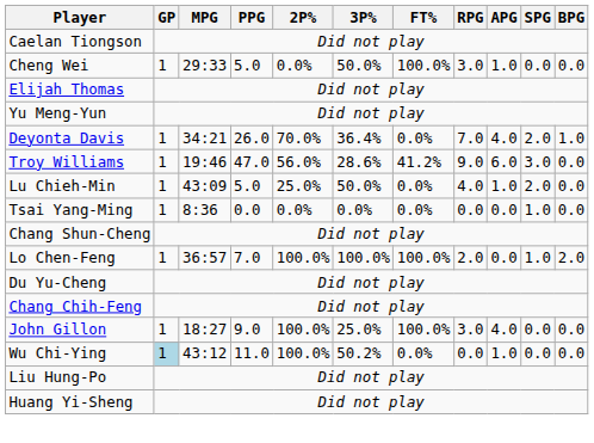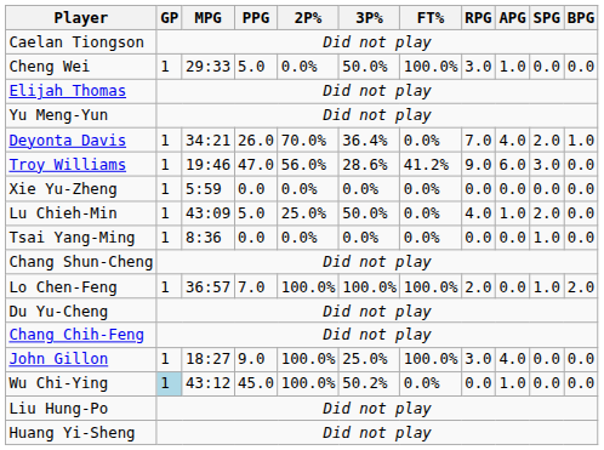 <table class="wikitable">
 <tr>
 <th>Player</th>
 <th>GP</th>
 <th>MPG</th>
 <th>PPG</th>
 <th>2P%</th>
 <th>3P%</th>
 <th>FT%</th>
 <th>RPG</th>
 <th>APG</th>
 <th>SPG</th>
 <th>BPG</th>
 </tr>
 <tr>
 <td>Caelan Tiongson</td>
 <td colspan=10 align=center><em>Did not play</em></td>
 </tr>
 <tr>
 <td>Cheng Wei</td>
 <td>1</td>
 <td>29:33</td>
 <td>5.0</td>
 <td>0.0%</td>
 <td>50.0%</td>
 <td>100.0%</td>
 <td>3.0</td>
 <td>1.0</td>
 <td>0.0</td>
 <td>0.0</td>
 </tr>
 <tr>
 <td><a href='#'>Elijah Thomas</a></td>
 <td colspan=10 align=center><em>Did not play</em></td>
 </tr>
 <tr>
 <td>Yu Meng-Yun</td>
 <td colspan=10 align=center><em>Did not play</em></td>
 </tr>
 <tr>
 <td><a href='#'>Deyonta Davis</a></td>
 <td>1</td>
 <td>34:21</td>
 <td>26.0</td>
 <td>70.0%</td>
 <td>36.4%</td>
 <td>0.0%</td>
 <td>7.0</td>
 <td>4.0</td>
 <td>2.0</td>
 <td>1.0</td>
 </tr>
 <tr>
 <td><a href='#'>Troy Williams</a></td>
 <td>1</td>
 <td>19:46</td>
 <td>47.0</td>
 <td>56.0%</td>
 <td>28.6%</td>
 <td>41.2%</td>
 <td>9.0</td>
 <td>6.0</td>
 <td>3.0</td>
+<td>0.0</td>
+</tr>
+<tr>
+<td>Xie Yu-Zheng</td>
+<td>1</td>
+<td>5:59</td>
+<td>0.0</td>
+<td>0.0%</td>
+<td>0.0%</td>
+<td>0.0%</td>
+<td>0.0</td>
+<td>0.0</td>
+<td>0.0</td>
 <td>0.0</td>
 </tr>
 <tr>
 <td>Lu Chieh-Min</td>
 <td>1</td>
 <td>43:09</td>
 <td>5.0</td>
 <td>25.0%</td>
 <td>50.0%</td>
 <td>0.0%</td>
 <td>4.0</td>
 <td>1.0</td>
 <td>2.0</td>
 <td>0.0</td>
 </tr>
 <tr>
 <td>Tsai Yang-Ming</td>
 <td>1</td>
 <td>8:36</td>
 <td>0.0</td>
 <td>0.0%</td>
 <td>0.0%</td>
 <td>0.0%</td>
 <td>0.0</td>
 <td>0.0</td>
 <td>1.0</td>
 <td>0.0</td>
 </tr>
 <tr>
 <td>Chang Shun-Cheng</td>
 <td colspan=10 align=center><em>Did not play</em></td>
 </tr>
 <tr>
 <td>Lo Chen-Feng</td>
 <td>1</td>
 <td>36:57</td>
 <td>7.0</td>
 <td>100.0%</td>
 <td>100.0%</td>
 <td>100.0%</td>
 <td>2.0</td>
 <td>0.0</td>
 <td>1.0</td>
 <td>2.0</td>
 </tr>
 <tr>
 <td>Du Yu-Cheng</td>
 <td colspan=10 align=center><em>Did not play</em></td>
 </tr>
 <tr>
 <td><a href='#'>Chang Chih-Feng</a></td>
 <td colspan=10 align=center><em>Did not play</em></td>
 </tr>
 <tr>
 <td><a href='#'>John Gillon</a></td>
 <td>1</td>
 <td>18:27</td>
 <td>9.0</td>
 <td>100.0%</td>
 <td>25.0%</td>
 <td>100.0%</td>
 <td>3.0</td>
 <td>4.0</td>
 <td>0.0</td>
 <td>0.0</td>
 </tr>
 <tr>
 <td>Wu Chi-Ying</td>
 <td style="background: lightblue;">1</td>
 <td>43:12</td>
-<td>11.0</td>
+<td>45.0</td>
 <td>100.0%</td>
 <td>50.2%</td>
 <td>0.0%</td>
 <td>0.0</td>
 <td>1.0</td>
 <td>0.0</td>
 <td>0.0</td>
 </tr>
 <tr>
 <td>Liu Hung-Po</td>
 <td colspan=10 align=center><em>Did not play</em></td>
 </tr>
 <tr>
 <td>Huang Yi-Sheng</td>
 <td colspan=10 align=center><em>Did not play</em></td>
 </tr>
 </table>
